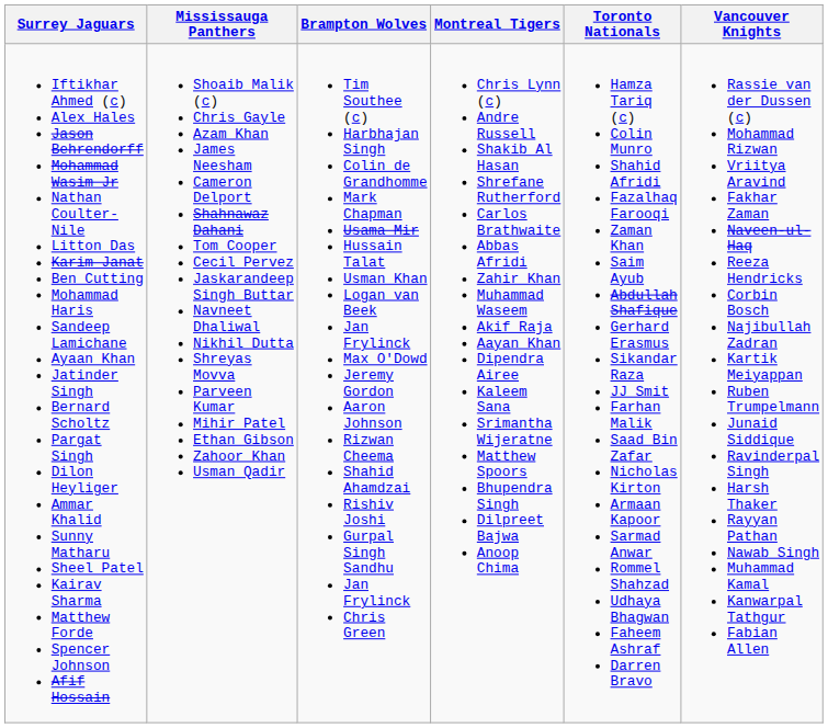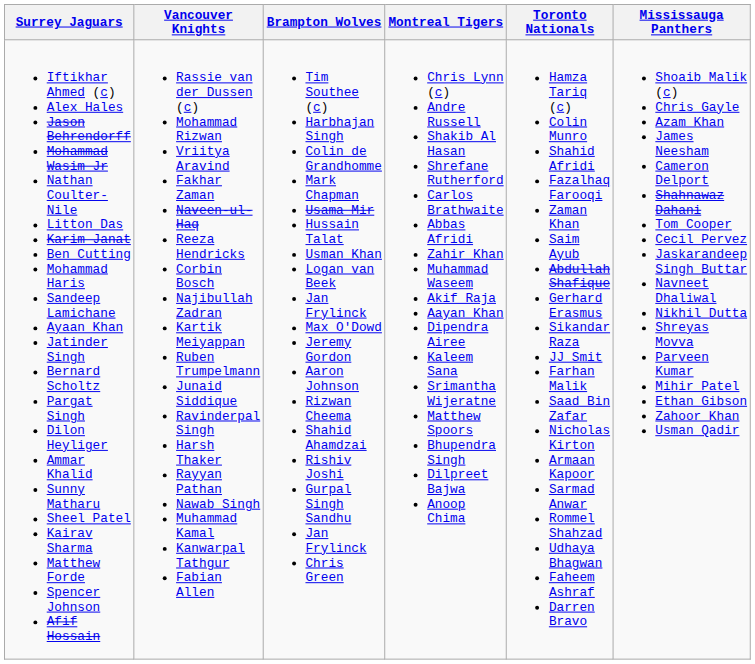 <table class="wikitable">
 <tr>
 <th><a href='#'>Surrey Jaguars</a></th>
-<th><a href='#'>Mississauga Panthers</a></th>
+<th><a href='#'>Vancouver Knights</a></th>
 <th><a href='#'>Brampton Wolves</a></th>
 <th><a href='#'>Montreal Tigers</a></th>
 <th><a href='#'>Toronto Nationals</a></th>
-<th><a href='#'>Vancouver Knights</a></th>
+<th><a href='#'>Mississauga Panthers</a></th>
 </tr>
 <tr>
 <td valign=top><br><ul><li><a href='#'>Iftikhar Ahmed</a> (<a href='#'>c</a>)</li><li><a href='#'>Alex Hales</a></li><li><a href='#'><s>Jason Behrendorff</s></a></li><li><a href='#'><s>Mohammad Wasim Jr</s></a></li><li><a href='#'>Nathan Coulter-Nile</a></li><li><a href='#'>Litton Das</a></li><li><a href='#'><s>Karim Janat</s></a></li><li><a href='#'>Ben Cutting</a></li><li><a href='#'>Mohammad Haris</a></li><li><a href='#'>Sandeep Lamichane</a></li><li><a href='#'>Ayaan Khan</a></li><li><a href='#'>Jatinder Singh</a></li><li><a href='#'>Bernard Scholtz</a></li><li><a href='#'>Pargat Singh</a></li><li><a href='#'>Dilon Heyliger</a></li><li><a href='#'>Ammar Khalid</a></li><li><a href='#'>Sunny Matharu</a></li><li><a href='#'>Sheel Patel</a></li><li><a href='#'>Kairav Sharma</a></li><li><a href='#'>Matthew Forde</a></li><li><a href='#'>Spencer Johnson</a></li><li><a href='#'><s>Afif Hossain</s></a></li></ul></td>
-<td valign=top><br><ul><li><a href='#'>Shoaib Malik</a> (<a href='#'>c</a>)</li><li><a href='#'>Chris Gayle</a></li><li><a href='#'>Azam Khan</a></li><li><a href='#'>James Neesham</a></li><li><a href='#'>Cameron Delport</a></li><li><a href='#'><s>Shahnawaz Dahani</s></a></li><li><a href='#'>Tom Cooper</a></li><li><a href='#'>Cecil Pervez</a></li><li><a href='#'>Jaskarandeep Singh Buttar</a></li><li><a href='#'>Navneet Dhaliwal</a></li><li><a href='#'>Nikhil Dutta</a></li><li><a href='#'>Shreyas Movva</a></li><li><a href='#'>Parveen Kumar</a></li><li><a href='#'>Mihir Patel</a></li><li><a href='#'>Ethan Gibson</a></li><li><a href='#'>Zahoor Khan</a></li><li><a href='#'>Usman Qadir</a></li></ul></td>
+<td valign=top><br><ul><li><a href='#'>Rassie van der Dussen</a> (<a href='#'>c</a>)</li><li><a href='#'>Mohammad Rizwan</a></li><li><a href='#'>Vriitya Aravind</a></li><li><a href='#'>Fakhar Zaman</a></li><li><a href='#'><s>Naveen-ul-Haq</s></a></li><li><a href='#'>Reeza Hendricks</a></li><li><a href='#'>Corbin Bosch</a></li><li><a href='#'>Najibullah Zadran</a></li><li><a href='#'>Kartik Meiyappan</a></li><li><a href='#'>Ruben Trumpelmann</a></li><li><a href='#'>Junaid Siddique</a></li><li><a href='#'>Ravinderpal Singh</a></li><li><a href='#'>Harsh Thaker</a></li><li><a href='#'>Rayyan Pathan</a></li><li><a href='#'>Nawab Singh</a></li><li><a href='#'>Muhammad Kamal</a></li><li><a href='#'>Kanwarpal Tathgur</a></li><li><a href='#'>Fabian Allen</a></li></ul></td>
 <td valign=top><br><ul><li><a href='#'>Tim Southee</a> (<a href='#'>c</a>)</li><li><a href='#'>Harbhajan Singh</a></li><li><a href='#'>Colin de Grandhomme</a></li><li><a href='#'>Mark Chapman</a></li><li><a href='#'><s>Usama Mir</s></a></li><li><a href='#'>Hussain Talat</a></li><li><a href='#'>Usman Khan</a></li><li><a href='#'>Logan van Beek</a></li><li><a href='#'>Jan Frylinck</a></li><li><a href='#'>Max O'Dowd</a></li><li><a href='#'>Jeremy Gordon</a></li><li><a href='#'>Aaron Johnson</a></li><li><a href='#'>Rizwan Cheema</a></li><li><a href='#'>Shahid Ahamdzai</a></li><li><a href='#'>Rishiv Joshi</a></li><li><a href='#'>Gurpal Singh Sandhu</a></li><li><a href='#'>Jan Frylinck</a></li><li><a href='#'>Chris Green</a></li></ul></td>
 <td valign=top><br><ul><li><a href='#'>Chris Lynn</a> (<a href='#'>c</a>)</li><li><a href='#'>Andre Russell</a></li><li><a href='#'>Shakib Al Hasan</a></li><li><a href='#'>Shrefane Rutherford</a></li><li><a href='#'>Carlos Brathwaite</a></li><li><a href='#'>Abbas Afridi</a></li><li><a href='#'>Zahir Khan</a></li><li><a href='#'>Muhammad Waseem</a></li><li><a href='#'>Akif Raja</a></li><li><a href='#'>Aayan Khan</a></li><li><a href='#'>Dipendra Airee</a></li><li><a href='#'>Kaleem Sana</a></li><li><a href='#'>Srimantha Wijeratne</a></li><li><a href='#'>Matthew Spoors</a></li><li><a href='#'>Bhupendra Singh</a></li><li><a href='#'>Dilpreet Bajwa</a></li><li><a href='#'>Anoop Chima</a></li></ul></td>
 <td valign=top><br><ul><li><a href='#'>Hamza Tariq</a> (<a href='#'>c</a>)</li><li><a href='#'>Colin Munro</a></li><li><a href='#'>Shahid Afridi</a></li><li><a href='#'>Fazalhaq Farooqi</a></li><li><a href='#'>Zaman Khan</a></li><li><a href='#'>Saim Ayub</a></li><li><a href='#'><s>Abdullah Shafique</s></a></li><li><a href='#'>Gerhard Erasmus</a></li><li><a href='#'>Sikandar Raza</a></li><li><a href='#'>JJ Smit</a></li><li><a href='#'>Farhan Malik</a></li><li><a href='#'>Saad Bin Zafar</a></li><li><a href='#'>Nicholas Kirton</a></li><li><a href='#'>Armaan Kapoor</a></li><li><a href='#'>Sarmad Anwar</a></li><li><a href='#'>Rommel Shahzad</a></li><li><a href='#'>Udhaya Bhagwan</a></li><li><a href='#'>Faheem Ashraf</a></li><li><a href='#'>Darren Bravo</a></li></ul></td>
-<td valign=top><br><ul><li><a href='#'>Rassie van der Dussen</a> (<a href='#'>c</a>)</li><li><a href='#'>Mohammad Rizwan</a></li><li><a href='#'>Vriitya Aravind</a></li><li><a href='#'>Fakhar Zaman</a></li><li><a href='#'><s>Naveen-ul-Haq</s></a></li><li><a href='#'>Reeza Hendricks</a></li><li><a href='#'>Corbin Bosch</a></li><li><a href='#'>Najibullah Zadran</a></li><li><a href='#'>Kartik Meiyappan</a></li><li><a href='#'>Ruben Trumpelmann</a></li><li><a href='#'>Junaid Siddique</a></li><li><a href='#'>Ravinderpal Singh</a></li><li><a href='#'>Harsh Thaker</a></li><li><a href='#'>Rayyan Pathan</a></li><li><a href='#'>Nawab Singh</a></li><li><a href='#'>Muhammad Kamal</a></li><li><a href='#'>Kanwarpal Tathgur</a></li><li><a href='#'>Fabian Allen</a></li></ul></td>
+<td valign=top><br><ul><li><a href='#'>Shoaib Malik</a> (<a href='#'>c</a>)</li><li><a href='#'>Chris Gayle</a></li><li><a href='#'>Azam Khan</a></li><li><a href='#'>James Neesham</a></li><li><a href='#'>Cameron Delport</a></li><li><a href='#'><s>Shahnawaz Dahani</s></a></li><li><a href='#'>Tom Cooper</a></li><li><a href='#'>Cecil Pervez</a></li><li><a href='#'>Jaskarandeep Singh Buttar</a></li><li><a href='#'>Navneet Dhaliwal</a></li><li><a href='#'>Nikhil Dutta</a></li><li><a href='#'>Shreyas Movva</a></li><li><a href='#'>Parveen Kumar</a></li><li><a href='#'>Mihir Patel</a></li><li><a href='#'>Ethan Gibson</a></li><li><a href='#'>Zahoor Khan</a></li><li><a href='#'>Usman Qadir</a></li></ul></td>
 </tr>
 </table>
